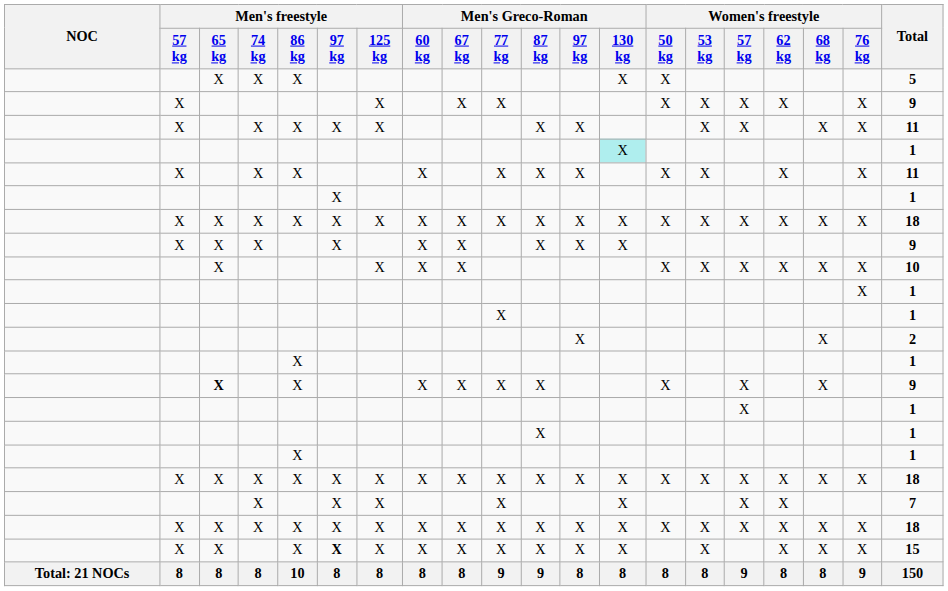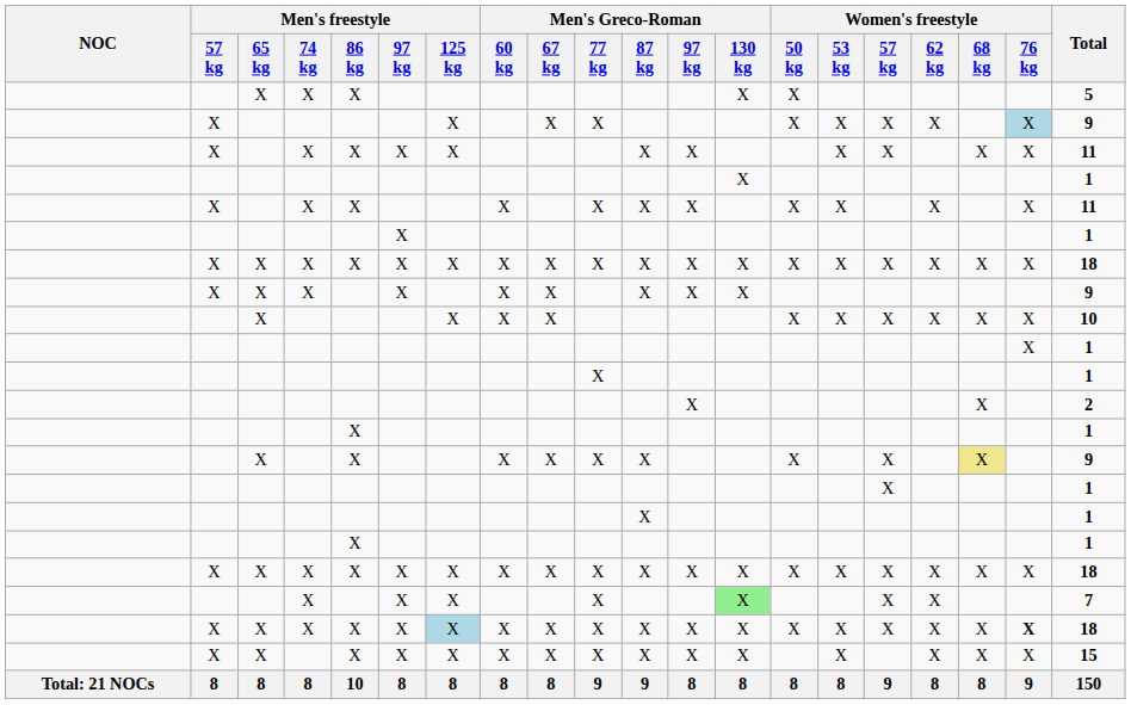 <table class="wikitable" style="text-align:center; font-size:90%">
 <tr>
 <th rowspan="2" width=150 align="left">NOC</th>
 <th colspan="6">Men's freestyle</th>
 <th colspan="6">Men's Greco-Roman</th>
 <th colspan=6>Women's freestyle</th>
 <th ! width=55 rowspan="2">Total</th>
 </tr>
 <tr>
 <th width=33><a href='#'>57 kg</a></th>
 <th width=33><a href='#'>65 kg</a></th>
 <th width=33><a href='#'>74 kg</a></th>
 <th width=33><a href='#'>86 kg</a></th>
 <th width=33><a href='#'>97 kg</a></th>
 <th width=40><a href='#'>125 kg</a></th>
 <th width=33><a href='#'>60 kg</a></th>
 <th width=33><a href='#'>67 kg</a></th>
 <th width=33><a href='#'>77 kg</a></th>
 <th width=33><a href='#'>87 kg</a></th>
 <th width=33><a href='#'>97 kg</a></th>
 <th width=40><a href='#'>130 kg</a></th>
 <th width=33><a href='#'>50 kg</a></th>
 <th width=33><a href='#'>53 kg</a></th>
 <th width=33><a href='#'>57 kg</a></th>
 <th width=33><a href='#'>62 kg</a></th>
 <th width=33><a href='#'>68 kg</a></th>
 <th width=33><a href='#'>76 kg</a></th>
 </tr>
 <tr>
 <td align=left></td>
 <td></td>
 <td>X</td>
 <td>X</td>
 <td>X</td>
 <td></td>
 <td></td>
 <td></td>
 <td></td>
 <td></td>
 <td></td>
 <td></td>
 <td>X</td>
 <td>X</td>
 <td></td>
 <td></td>
 <td></td>
 <td></td>
 <td></td>
 <td><strong>5</strong></td>
 </tr>
 <tr>
 <td align=left></td>
 <td>X</td>
 <td></td>
 <td></td>
 <td></td>
 <td></td>
 <td>X</td>
 <td></td>
 <td>X</td>
 <td>X</td>
 <td></td>
 <td></td>
 <td></td>
 <td>X</td>
 <td>X</td>
 <td>X</td>
 <td>X</td>
 <td></td>
-<td>X</td>
+<td style="background: lightblue;">X</td>
 <td><strong>9</strong></td>
 </tr>
 <tr>
 <td align=left></td>
 <td>X</td>
 <td></td>
 <td>X</td>
 <td>X</td>
 <td>X</td>
 <td>X</td>
 <td></td>
 <td></td>
 <td></td>
 <td>X</td>
 <td>X</td>
 <td></td>
 <td></td>
 <td>X</td>
 <td>X</td>
 <td></td>
 <td>X</td>
 <td>X</td>
 <td><strong>11</strong></td>
 </tr>
 <tr>
 <td align=left></td>
 <td></td>
 <td></td>
 <td></td>
 <td></td>
 <td></td>
 <td></td>
 <td></td>
 <td></td>
 <td></td>
 <td></td>
 <td></td>
-<td style="background: paleturquoise;">X</td>
+<td>X</td>
 <td></td>
 <td></td>
 <td></td>
 <td></td>
 <td></td>
 <td></td>
 <td><strong>1</strong></td>
 </tr>
 <tr>
 <td align=left></td>
 <td>X</td>
 <td></td>
 <td>X</td>
 <td>X</td>
 <td></td>
 <td></td>
 <td>X</td>
 <td></td>
 <td>X</td>
 <td>X</td>
 <td>X</td>
 <td></td>
 <td>X</td>
 <td>X</td>
 <td></td>
 <td>X</td>
 <td></td>
 <td>X</td>
 <td><strong>11</strong></td>
 </tr>
 <tr>
 <td align=left></td>
 <td></td>
 <td></td>
 <td></td>
 <td></td>
 <td>X</td>
 <td></td>
 <td></td>
 <td></td>
 <td></td>
 <td></td>
 <td></td>
 <td></td>
 <td></td>
 <td></td>
 <td></td>
 <td></td>
 <td></td>
 <td></td>
 <td><strong>1</strong></td>
 </tr>
 <tr>
 <td align=left></td>
 <td>X</td>
 <td>X</td>
 <td>X</td>
 <td>X</td>
 <td>X</td>
 <td>X</td>
 <td>X</td>
 <td>X</td>
 <td>X</td>
 <td>X</td>
 <td>X</td>
 <td>X</td>
 <td>X</td>
 <td>X</td>
 <td>X</td>
 <td>X</td>
 <td>X</td>
 <td>X</td>
 <td><strong>18</strong></td>
 </tr>
 <tr>
 <td align=left></td>
 <td>X</td>
 <td>X</td>
 <td>X</td>
 <td></td>
 <td>X</td>
 <td></td>
 <td>X</td>
 <td>X</td>
 <td></td>
 <td>X</td>
 <td>X</td>
 <td>X</td>
 <td></td>
 <td></td>
 <td></td>
 <td></td>
 <td></td>
 <td></td>
 <td><strong>9</strong></td>
 </tr>
 <tr>
 <td align=left></td>
 <td></td>
 <td>X</td>
 <td></td>
 <td></td>
 <td></td>
 <td>X</td>
 <td>X</td>
 <td>X</td>
 <td></td>
 <td></td>
 <td></td>
 <td></td>
 <td>X</td>
 <td>X</td>
 <td>X</td>
 <td>X</td>
 <td>X</td>
 <td>X</td>
 <td><strong>10</strong></td>
 </tr>
 <tr>
 <td align=left></td>
 <td></td>
 <td></td>
 <td></td>
 <td></td>
 <td></td>
 <td></td>
 <td></td>
 <td></td>
 <td></td>
 <td></td>
 <td></td>
 <td></td>
 <td></td>
 <td></td>
 <td></td>
 <td></td>
 <td></td>
 <td>X</td>
 <td><strong>1</strong></td>
 </tr>
 <tr>
 <td align=left></td>
 <td></td>
 <td></td>
 <td></td>
 <td></td>
 <td></td>
 <td></td>
 <td></td>
 <td></td>
 <td>X</td>
 <td></td>
 <td></td>
 <td></td>
 <td></td>
 <td></td>
 <td></td>
 <td></td>
 <td></td>
 <td></td>
 <td><strong>1</strong></td>
 </tr>
 <tr>
 <td align=left></td>
 <td></td>
 <td></td>
 <td></td>
 <td></td>
 <td></td>
 <td></td>
 <td></td>
 <td></td>
 <td></td>
 <td></td>
 <td>X</td>
 <td></td>
 <td></td>
 <td></td>
 <td></td>
 <td></td>
 <td>X</td>
 <td></td>
 <td><strong>2</strong></td>
 </tr>
 <tr>
 <td align=left></td>
 <td></td>
 <td></td>
 <td></td>
 <td>X</td>
 <td></td>
 <td></td>
 <td></td>
 <td></td>
 <td></td>
 <td></td>
 <td></td>
 <td></td>
 <td></td>
 <td></td>
 <td></td>
 <td></td>
 <td></td>
 <td></td>
 <td><strong>1</strong></td>
 </tr>
 <tr>
 <td align=left></td>
 <td></td>
-<td><strong>X</strong></td>
+<td>X</td>
 <td></td>
 <td>X</td>
 <td></td>
 <td></td>
 <td>X</td>
 <td>X</td>
 <td>X</td>
 <td>X</td>
 <td></td>
 <td></td>
 <td>X</td>
 <td></td>
 <td>X</td>
 <td></td>
-<td>X</td>
+<td style="background: khaki;">X</td>
 <td></td>
 <td><strong>9</strong></td>
 </tr>
 <tr>
 <td align=left></td>
 <td></td>
 <td></td>
 <td></td>
 <td></td>
 <td></td>
 <td></td>
 <td></td>
 <td></td>
 <td></td>
 <td></td>
 <td></td>
 <td></td>
 <td></td>
 <td></td>
 <td>X</td>
 <td></td>
 <td></td>
 <td></td>
 <td><strong>1</strong></td>
 </tr>
 <tr>
 <td align=left></td>
 <td></td>
 <td></td>
 <td></td>
 <td></td>
 <td></td>
 <td></td>
 <td></td>
 <td></td>
 <td></td>
 <td>X</td>
 <td></td>
 <td></td>
 <td></td>
 <td></td>
 <td></td>
 <td></td>
 <td></td>
 <td></td>
 <td><strong>1</strong></td>
 </tr>
 <tr>
 <td align=left></td>
 <td></td>
 <td></td>
 <td></td>
 <td>X</td>
 <td></td>
 <td></td>
 <td></td>
 <td></td>
 <td></td>
 <td></td>
 <td></td>
 <td></td>
 <td></td>
 <td></td>
 <td></td>
 <td></td>
 <td></td>
 <td></td>
 <td><strong>1</strong></td>
 </tr>
 <tr>
 <td align=left></td>
 <td>X</td>
 <td>X</td>
 <td>X</td>
 <td>X</td>
 <td>X</td>
 <td>X</td>
 <td>X</td>
 <td>X</td>
 <td>X</td>
 <td>X</td>
 <td>X</td>
 <td>X</td>
 <td>X</td>
 <td>X</td>
 <td>X</td>
 <td>X</td>
 <td>X</td>
 <td>X</td>
 <td><strong>18</strong></td>
 </tr>
 <tr>
 <td align=left></td>
 <td></td>
 <td></td>
 <td>X</td>
 <td></td>
 <td>X</td>
 <td>X</td>
 <td></td>
 <td></td>
 <td>X</td>
 <td></td>
 <td></td>
-<td>X</td>
+<td style="background: lightgreen;">X</td>
 <td></td>
 <td></td>
 <td>X</td>
 <td>X</td>
 <td></td>
 <td></td>
 <td><strong>7</strong></td>
 </tr>
 <tr>
 <td align=left></td>
 <td>X</td>
 <td>X</td>
 <td>X</td>
 <td>X</td>
 <td>X</td>
+<td style="background: lightblue;">X</td>
 <td>X</td>
 <td>X</td>
 <td>X</td>
 <td>X</td>
 <td>X</td>
 <td>X</td>
 <td>X</td>
 <td>X</td>
 <td>X</td>
 <td>X</td>
 <td>X</td>
-<td>X</td>
-<td>X</td>
+<td><strong>X</strong></td>
 <td><strong>18</strong></td>
 </tr>
 <tr>
 <td align=left></td>
 <td>X</td>
 <td>X</td>
 <td></td>
 <td>X</td>
-<td><strong>X</strong></td>
+<td>X</td>
 <td>X</td>
 <td>X</td>
 <td>X</td>
 <td>X</td>
 <td>X</td>
 <td>X</td>
 <td>X</td>
 <td></td>
 <td>X</td>
 <td></td>
 <td>X</td>
 <td>X</td>
 <td>X</td>
 <td><strong>15</strong></td>
 </tr>
 <tr>
 <th>Total: 21 NOCs</th>
 <th>8</th>
 <th>8</th>
 <th>8</th>
 <th>10</th>
 <th>8</th>
 <th>8</th>
 <th>8</th>
 <th>8</th>
 <th>9</th>
 <th>9</th>
 <th>8</th>
 <th>8</th>
 <th>8</th>
 <th>8</th>
 <th>9</th>
 <th>8</th>
 <th>8</th>
 <th>9</th>
 <th>150</th>
 </tr>
 </table>
